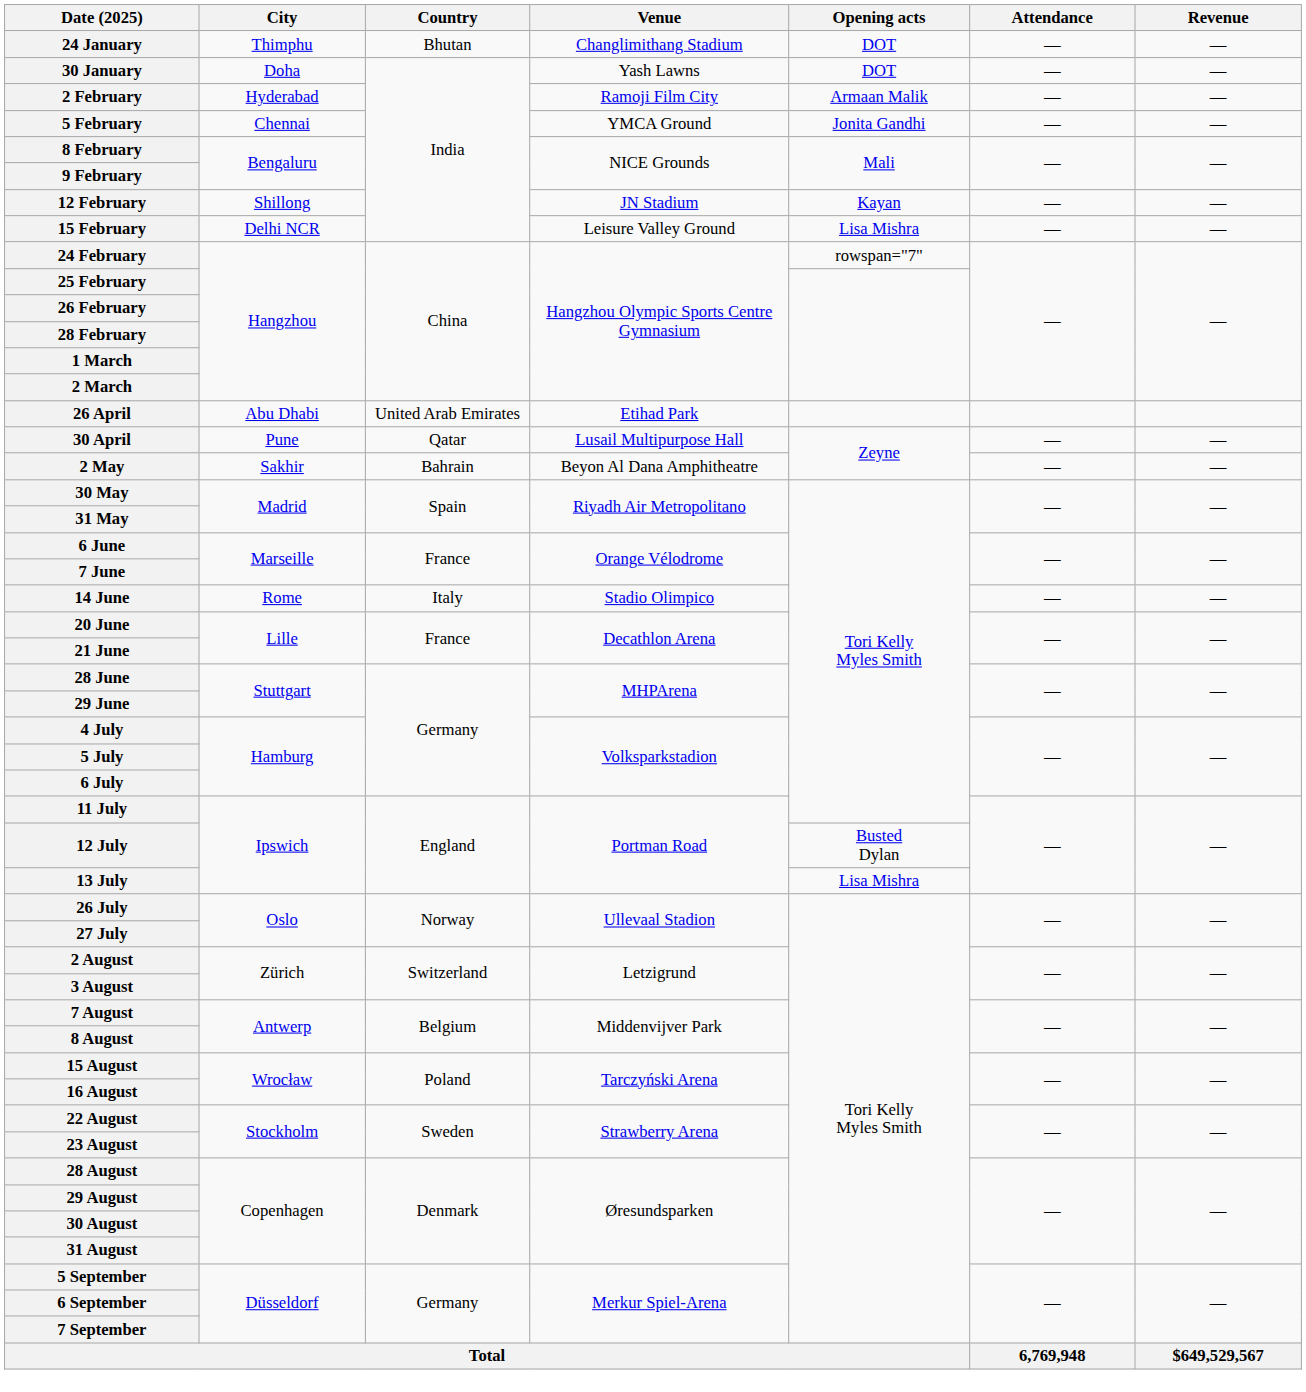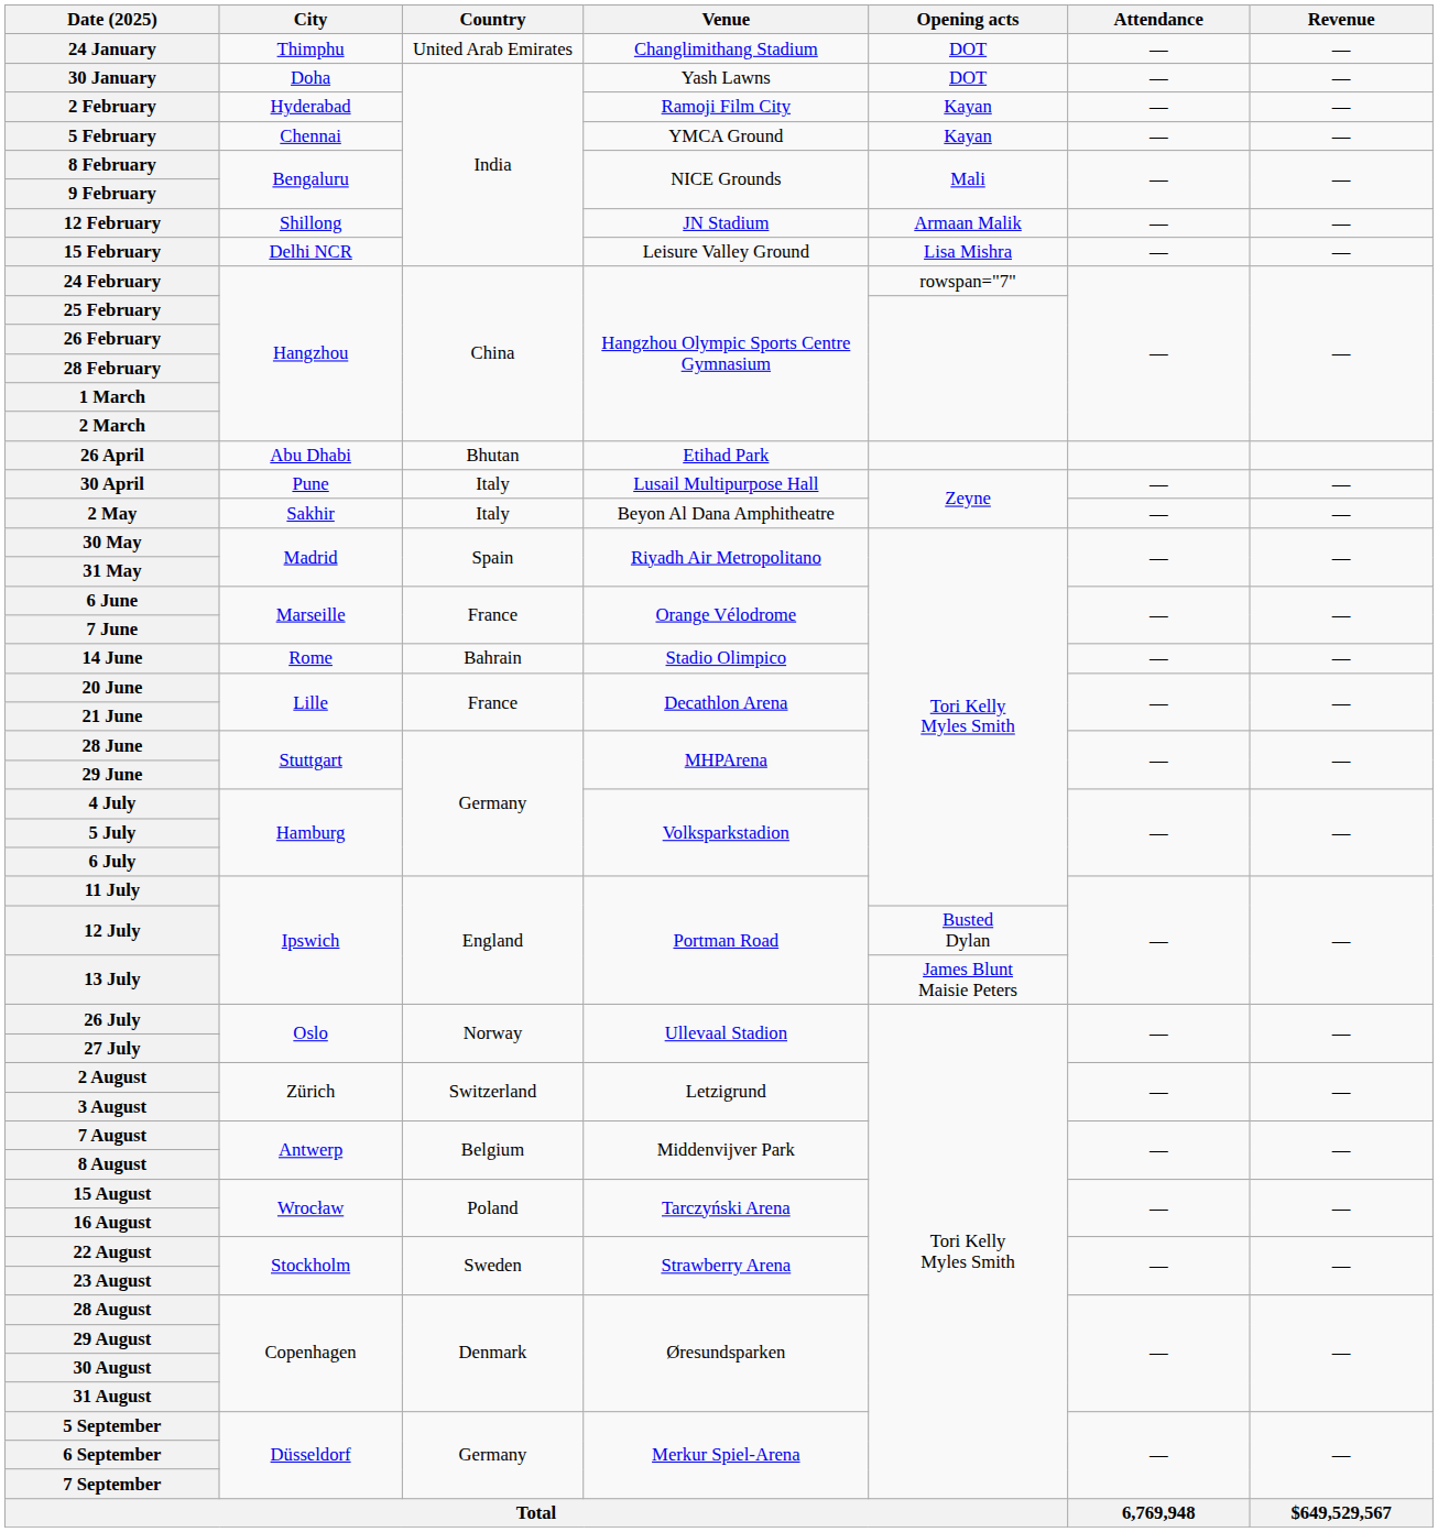 <table class="wikitable plainrowheaders" style="text-align:center;">
 <tr>
 <th scope="col" style="width:12em;">Date (2025)</th>
 <th scope="col" style="width:10em;">City</th>
 <th scope="col" style="width:10em;">Country</th>
 <th scope="col" style="width:16em;">Venue</th>
 <th scope="col" style="width:11em;">Opening acts</th>
 <th scope="col" style="width:10em;">Attendance</th>
 <th scope="col" style="width:10em;">Revenue</th>
 </tr>
 <tr>
 <th scope="row" style="text-align:center;">24 January</th>
 <td><a href='#'>Thimphu</a></td>
-<td>Bhutan</td>
+<td>United Arab Emirates</td>
 <td><a href='#'>Changlimithang Stadium</a></td>
 <td><a href='#'>DOT</a></td>
 <td>—</td>
 <td>—</td>
 </tr>
 <tr>
 <th scope="row" style="text-align:center;">30 January</th>
 <td><a href='#'>Doha</a></td>
 <td rowspan="7">India</td>
 <td>Yash Lawns</td>
 <td><a href='#'>DOT</a></td>
 <td>—</td>
 <td>—</td>
 </tr>
 <tr>
 <th scope="row" style="text-align:center;">2 February</th>
 <td><a href='#'>Hyderabad</a></td>
 <td><a href='#'>Ramoji Film City</a></td>
-<td><a href='#'>Armaan Malik</a></td>
+<td><a href='#'>Kayan</a></td>
 <td>—</td>
 <td>—</td>
 </tr>
 <tr>
 <th scope="row" style="text-align:center;">5 February</th>
 <td><a href='#'>Chennai</a></td>
 <td>YMCA Ground</td>
-<td><a href='#'>Jonita Gandhi</a></td>
+<td><a href='#'>Kayan</a></td>
 <td>—</td>
 <td>—</td>
 </tr>
 <tr>
 <th scope="row" style="text-align:center;">8 February</th>
 <td rowspan="2"><a href='#'>Bengaluru</a></td>
 <td rowspan="2">NICE Grounds</td>
 <td rowspan="2"><a href='#'>Mali</a></td>
 <td rowspan="2">—</td>
 <td rowspan="2">—</td>
 </tr>
 <tr>
 <th scope="row" style="text-align:center;">9 February</th>
 </tr>
 <tr>
 <th scope="row" style="text-align:center;">12 February</th>
 <td><a href='#'>Shillong</a></td>
 <td><a href='#'>JN Stadium</a></td>
-<td><a href='#'>Kayan</a></td>
+<td><a href='#'>Armaan Malik</a></td>
 <td>—</td>
 <td>—</td>
 </tr>
 <tr>
 <th scope="row" style="text-align:center;">15 February</th>
 <td><a href='#'>Delhi NCR</a></td>
 <td>Leisure Valley Ground</td>
 <td><a href='#'>Lisa Mishra</a></td>
 <td>—</td>
 <td>—</td>
 </tr>
 <tr>
 <th scope="row" style="text-align:center;">24 February</th>
 <td rowspan="6"><a href='#'>Hangzhou</a></td>
 <td rowspan="6">China</td>
 <td rowspan="6"><a href='#'>Hangzhou Olympic Sports Centre Gymnasium</a></td>
 <td>rowspan="7" </td>
 <td rowspan="6">—</td>
 <td rowspan="6">—</td>
 </tr>
 <tr>
 <th scope="row" style="text-align:center;">25 February</th>
 </tr>
 <tr>
 <th scope="row" style="text-align:center;">26 February</th>
 </tr>
 <tr>
 <th scope="row" style="text-align:center;">28 February</th>
 </tr>
 <tr>
 <th scope="row" style="text-align:center;">1 March</th>
 </tr>
 <tr>
 <th scope="row" style="text-align:center;">2 March</th>
 </tr>
 <tr>
 <th scope="row" style="text-align:center;">26 April</th>
 <td><a href='#'>Abu Dhabi</a></td>
-<td>United Arab Emirates</td>
+<td>Bhutan</td>
 <td><a href='#'>Etihad Park</a></td>
 <td></td>
 <td></td>
 </tr>
 <tr>
 <th scope="row" style="text-align:center;">30 April</th>
 <td><a href='#'>Pune</a></td>
-<td>Qatar</td>
+<td>Italy</td>
 <td><a href='#'>Lusail Multipurpose Hall</a></td>
 <td rowspan="2"><a href='#'>Zeyne</a></td>
 <td>—</td>
 <td>—</td>
 </tr>
 <tr>
 <th scope="row" style="text-align:center;">2 May</th>
 <td><a href='#'>Sakhir</a></td>
-<td>Bahrain</td>
+<td>Italy</td>
 <td>Beyon Al Dana Amphitheatre</td>
 <td>—</td>
 <td>—</td>
 </tr>
 <tr>
 <th scope="row" style="text-align:center;">30 May</th>
 <td rowspan="2"><a href='#'>Madrid</a></td>
 <td rowspan="2">Spain</td>
 <td rowspan="2"><a href='#'>Riyadh Air Metropolitano</a></td>
 <td rowspan="13"><a href='#'>Tori Kelly</a> <br> <a href='#'>Myles Smith</a></td>
 <td rowspan="2">—</td>
 <td rowspan="2">—</td>
 </tr>
 <tr>
 <th scope="row" style="text-align:center;">31 May</th>
 </tr>
 <tr>
 <th scope="row" style="text-align:center;">6 June</th>
 <td rowspan="2"><a href='#'>Marseille</a></td>
 <td rowspan="2">France</td>
 <td rowspan="2"><a href='#'>Orange Vélodrome</a></td>
 <td rowspan="2">—</td>
 <td rowspan="2">—</td>
 </tr>
 <tr>
 <th scope="row" style="text-align:center;">7 June</th>
 </tr>
 <tr>
 <th scope="row" style="text-align:center;">14 June</th>
 <td><a href='#'>Rome</a></td>
-<td>Italy</td>
+<td>Bahrain</td>
 <td><a href='#'>Stadio Olimpico</a></td>
 <td>—</td>
 <td>—</td>
 </tr>
 <tr>
 <th scope="row" style="text-align:center;">20 June</th>
 <td rowspan="2"><a href='#'>Lille</a></td>
 <td rowspan="2">France</td>
 <td rowspan="2"><a href='#'>Decathlon Arena</a></td>
 <td rowspan="2">—</td>
 <td rowspan="2">—</td>
 </tr>
 <tr>
 <th scope="row" style="text-align:center;">21 June</th>
 </tr>
 <tr>
 <th scope="row" style="text-align:center;">28 June</th>
 <td rowspan="2"><a href='#'>Stuttgart</a></td>
 <td rowspan="5">Germany</td>
 <td rowspan="2"><a href='#'>MHPArena</a></td>
 <td rowspan="2">—</td>
 <td rowspan="2">—</td>
 </tr>
 <tr>
 <th scope="row" style="text-align:center;">29 June</th>
 </tr>
 <tr>
 <th scope="row" style="text-align:center;">4 July</th>
 <td rowspan="3"><a href='#'>Hamburg</a></td>
 <td rowspan="3"><a href='#'>Volksparkstadion</a></td>
 <td rowspan="3">—</td>
 <td rowspan="3">—</td>
 </tr>
 <tr>
 <th scope="row" style="text-align:center;">5 July</th>
 </tr>
 <tr>
 <th scope="row" style="text-align:center;">6 July</th>
 </tr>
 <tr>
 <th scope="row" style="text-align:center;">11 July</th>
 <td rowspan="3"><a href='#'>Ipswich</a></td>
 <td rowspan="3">England</td>
 <td rowspan="3"><a href='#'>Portman Road</a></td>
 <td rowspan="3">—</td>
 <td rowspan="3">—</td>
 </tr>
 <tr>
 <th scope="row" style="text-align:center;">12 July</th>
 <td><a href='#'>Busted</a><br>Dylan</td>
 </tr>
 <tr>
 <th scope="row" style="text-align:center;">13 July</th>
-<td><a href='#'>Lisa Mishra</a></td>
+<td><a href='#'>James Blunt</a><br>Maisie Peters</td>
 </tr>
 <tr>
 <th scope="row" style="text-align:center;">26 July</th>
 <td rowspan="2"><a href='#'>Oslo</a></td>
 <td rowspan="2">Norway</td>
 <td rowspan="2"><a href='#'>Ullevaal Stadion</a></td>
 <td rowspan="17">Tori Kelly <br> Myles Smith</td>
 <td rowspan="2">—</td>
 <td rowspan="2">—</td>
 </tr>
 <tr>
 <th scope="row" style="text-align:center;">27 July</th>
 </tr>
 <tr>
 <th scope="row" style="text-align:center;">2 August</th>
 <td rowspan="2">Zürich</td>
 <td rowspan="2">Switzerland</td>
 <td rowspan="2">Letzigrund</td>
 <td rowspan="2">—</td>
 <td rowspan="2">—</td>
 </tr>
 <tr>
 <th scope="row" style="text-align:center;">3 August</th>
 </tr>
 <tr>
 <th scope="row" style="text-align:center;">7 August</th>
 <td rowspan="2"><a href='#'>Antwerp</a></td>
 <td rowspan="2">Belgium</td>
 <td rowspan="2">Middenvijver Park</td>
 <td rowspan="2">—</td>
 <td rowspan="2">—</td>
 </tr>
 <tr>
 <th scope="row" style="text-align:center;">8 August</th>
 </tr>
 <tr>
 <th scope="row" style="text-align:center;">15 August</th>
 <td rowspan="2"><a href='#'>Wrocław</a></td>
 <td rowspan="2">Poland</td>
 <td rowspan="2"><a href='#'>Tarczyński Arena</a></td>
 <td rowspan="2">—</td>
 <td rowspan="2">—</td>
 </tr>
 <tr>
 <th scope="row" style="text-align:center;">16 August</th>
 </tr>
 <tr>
 <th scope="row" style="text-align:center;">22 August</th>
 <td rowspan="2"><a href='#'>Stockholm</a></td>
 <td rowspan="2">Sweden</td>
 <td rowspan="2"><a href='#'>Strawberry Arena</a></td>
 <td rowspan="2">—</td>
 <td rowspan="2">—</td>
 </tr>
 <tr>
 <th scope="row" style="text-align:center;">23 August</th>
 </tr>
 <tr>
 <th scope="row" style="text-align:center;">28 August</th>
 <td rowspan="4">Copenhagen</td>
 <td rowspan="4">Denmark</td>
 <td rowspan="4">Øresundsparken</td>
 <td rowspan="4">—</td>
 <td rowspan="4">—</td>
 </tr>
 <tr>
 <th scope="row" style="text-align:center;">29 August</th>
 </tr>
 <tr>
 <th scope="row" style="text-align:center;">30 August</th>
 </tr>
 <tr>
 <th scope="row" style="text-align:center;">31 August</th>
 </tr>
 <tr>
 <th scope="row" style="text-align:center;">5 September</th>
 <td rowspan="3"><a href='#'>Düsseldorf</a></td>
 <td rowspan="3">Germany</td>
 <td rowspan="3"><a href='#'>Merkur Spiel-Arena</a></td>
 <td rowspan="3">—</td>
 <td rowspan="3">—</td>
 </tr>
 <tr>
 <th scope="row" style="text-align:center;">6 September</th>
 </tr>
 <tr>
 <th scope="row" style="text-align:center;">7 September</th>
 </tr>
 <tr>
 <th colspan="5">Total</th>
 <th>6,769,948</th>
 <th>$649,529,567</th>
 </tr>
 </table>
